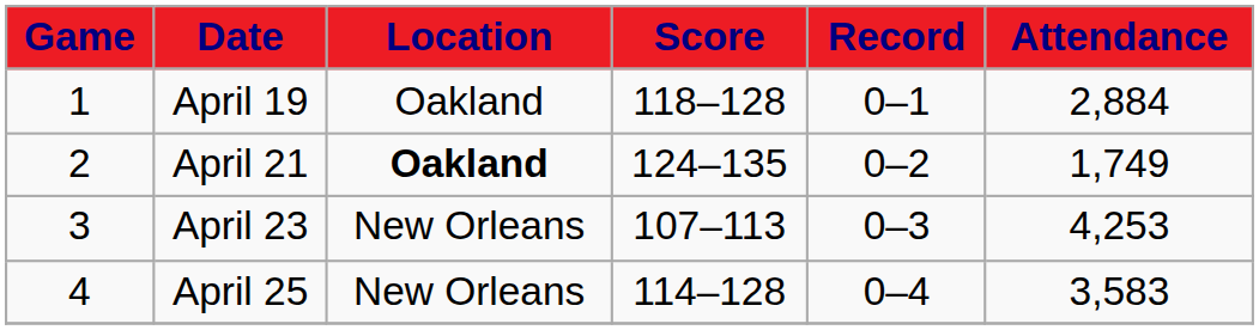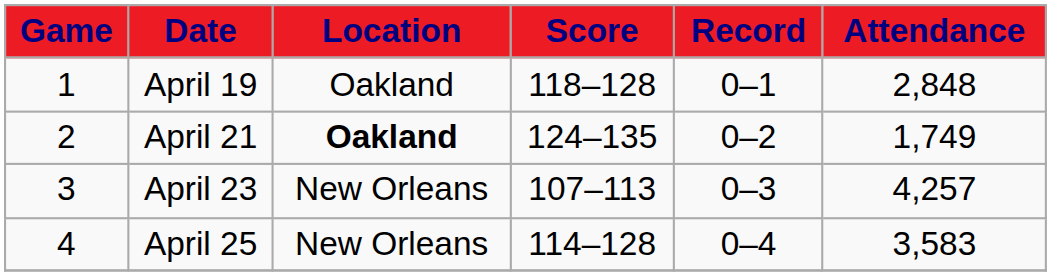 <table class="wikitable" width="80%">
 <tr align="center" style="background:#ED1C24;color:#000080">
 <td><strong>Game</strong></td>
 <td><strong>Date</strong></td>
 <td><strong>Location</strong></td>
 <td><strong>Score</strong></td>
 <td><strong>Record</strong></td>
 <td><strong>Attendance</strong></td>
 </tr>
 <tr align="center" bgcolor="">
 <td>1</td>
 <td>April 19</td>
 <td>Oakland</td>
 <td>118–128</td>
 <td>0–1</td>
-<td>2,884</td>
+<td>2,848</td>
 </tr>
 <tr align="center" bgcolor="">
 <td>2</td>
 <td>April 21</td>
 <td><strong>Oakland</strong></td>
 <td>124–135</td>
 <td>0–2</td>
 <td>1,749</td>
 </tr>
 <tr align="center" bgcolor="">
 <td>3</td>
 <td>April 23</td>
 <td>New Orleans</td>
 <td>107–113</td>
 <td>0–3</td>
-<td>4,253</td>
+<td>4,257</td>
 </tr>
 <tr align="center" bgcolor="">
 <td>4</td>
 <td>April 25</td>
 <td>New Orleans</td>
 <td>114–128</td>
 <td>0–4</td>
 <td>3,583</td>
 </tr>
 <tr align="center" bgcolor="">
 </tr>
 </table>
